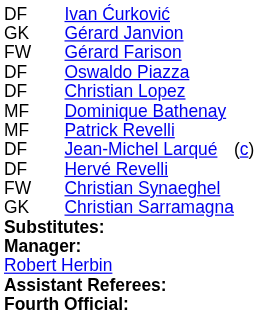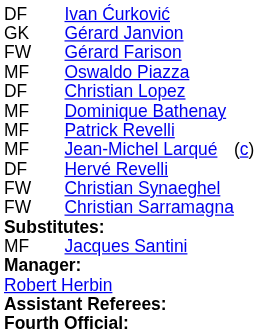 <table style=font-size:90% cellspacing=0 cellpadding=0>
 <tr>
 <td colspan=4></td>
 </tr>
 <tr>
 <th width=25></th>
 <th width=25></th>
 </tr>
 <tr>
 <td>DF</td>
 <td><strong> </strong></td>
 <td> <a href='#'>Ivan Ćurković</a></td>
 </tr>
 <tr>
 <td>GK</td>
 <td><strong> </strong></td>
 <td> <a href='#'>Gérard Janvion</a></td>
 </tr>
 <tr>
 <td>FW</td>
 <td><strong> </strong></td>
 <td> <a href='#'>Gérard Farison</a></td>
 </tr>
 <tr>
-<td>DF</td>
+<td>MF</td>
 <td><strong> </strong></td>
 <td> <a href='#'>Oswaldo Piazza</a></td>
 </tr>
 <tr>
 <td>DF</td>
 <td><strong> </strong></td>
 <td> <a href='#'>Christian Lopez</a></td>
 </tr>
 <tr>
 <td>MF</td>
 <td><strong> </strong></td>
 <td> <a href='#'>Dominique Bathenay</a></td>
 </tr>
 <tr>
 <td>MF</td>
 <td><strong> </strong></td>
 <td> <a href='#'>Patrick Revelli</a></td>
 </tr>
 <tr>
-<td>DF</td>
+<td>MF</td>
 <td><strong> </strong></td>
 <td> <a href='#'>Jean-Michel Larqué</a></td>
 <td>(<a href='#'>c</a>)</td>
 </tr>
 <tr>
 <td>DF</td>
 <td><strong> </strong></td>
 <td> <a href='#'>Hervé Revelli</a></td>
 </tr>
 <tr>
 <td>FW</td>
 <td><strong> </strong></td>
 <td> <a href='#'>Christian Synaeghel</a></td>
 <td></td>
 <td></td>
 </tr>
 <tr>
-<td>GK</td>
+<td>FW</td>
 <td><strong> </strong></td>
 <td> <a href='#'>Christian Sarramagna</a></td>
 </tr>
 <tr>
 <td colspan=3><strong>Substitutes:</strong></td>
+</tr>
+<tr>
+<td>MF</td>
+<td><strong> </strong></td>
+<td> <a href='#'>Jacques Santini</a></td>
+<td></td>
+<td></td>
 </tr>
 <tr>
 <td colspan=3><strong>Manager:</strong></td>
 </tr>
 <tr>
 <td colspan=4> <a href='#'>Robert Herbin</a><br><strong>Assistant Referees:</strong><br> <strong>Fourth Official:</strong><br></td>
 </tr>
 </table>
